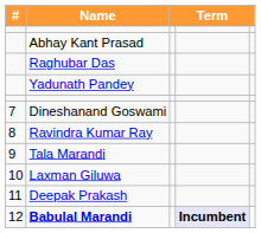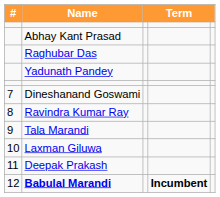 <table class="wikitable">
 <tr>
 <th style="background-color:#FF9933; color:white">#</th>
 <th style="background-color:#FF9933; color:white">Name</th>
 <th colspan="3" style="background-color:#FF9933; color:white">Term</th>
 </tr>
 <tr>
 <td></td>
 <td></td>
 <td></td>
 <td></td>
 <td></td>
 </tr>
 <tr>
 <td></td>
 <td>Abhay Kant Prasad</td>
 <td></td>
 <td></td>
 <td></td>
 </tr>
 <tr>
 <td></td>
 <td><a href='#'>Raghubar Das</a></td>
 <td></td>
 <td></td>
 <td></td>
 </tr>
 <tr>
 <td></td>
 <td><a href='#'>Yadunath Pandey</a></td>
 <td></td>
 <td></td>
 <td></td>
 </tr>
 <tr>
 <td></td>
 <td></td>
 <td></td>
 <td></td>
 <td></td>
 </tr>
 <tr>
 <td>7</td>
 <td>Dineshanand Goswami</td>
 <td></td>
 <td></td>
 <td></td>
 </tr>
 <tr>
 <td>8</td>
 <td><a href='#'>Ravindra Kumar Ray</a></td>
 <td></td>
 <td></td>
 <td></td>
 </tr>
 <tr>
 <td>9</td>
 <td><a href='#'>Tala Marandi</a></td>
 <td></td>
 <td></td>
 <td></td>
 </tr>
 <tr>
 <td>10</td>
 <td><a href='#'>Laxman Giluwa</a></td>
 <td></td>
 <td></td>
 <td></td>
 </tr>
 <tr>
 <td>11</td>
 <td><a href='#'>Deepak Prakash</a></td>
 <td></td>
 <td></td>
 <td></td>
 </tr>
 <tr>
 <td>12</td>
 <td><strong><a href='#'>Babulal Marandi</a></strong></td>
 <td><strong></strong></td>
-<td style="background: lavender;"><strong>Incumbent</strong></td>
+<td><strong>Incumbent</strong></td>
 <td></td>
 </tr>
 </table>
